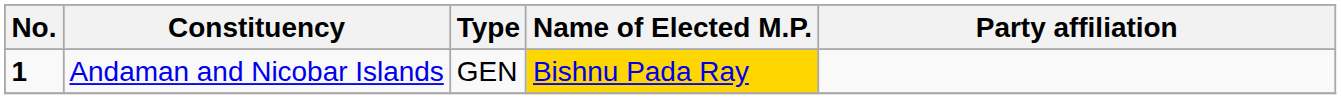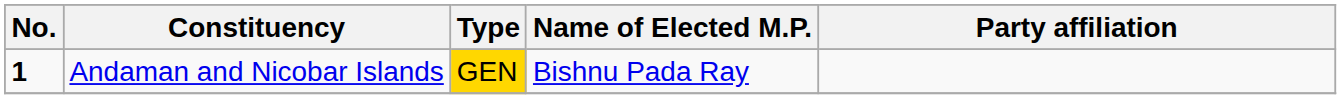 <table class="wikitable" style="font-size:95%;">
 <tr>
 <th>No.</th>
 <th>Constituency</th>
 <th>Type</th>
 <th>Name of Elected M.P.</th>
 <th colspan="2" style="width:18em">Party affiliation</th>
 </tr>
 <tr>
 <td><strong>1</strong></td>
 <td><a href='#'>Andaman and Nicobar Islands</a></td>
-<td>GEN</td>
-<td style="background: gold;"><a href='#'>Bishnu Pada Ray</a></td>
+<td style="background: gold;">GEN</td>
+<td><a href='#'>Bishnu Pada Ray</a></td>
 <td></td>
 </tr>
 <tr>
 </tr>
 </table>
